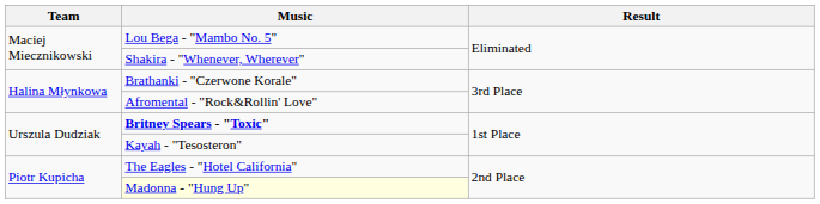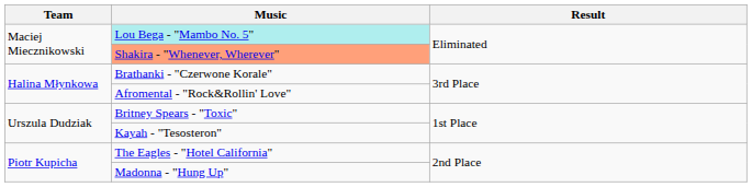 <table class="wikitable">
 <tr>
 <th style="width:130px;">Team</th>
 <th style="width:400px;">Music</th>
 <th style="width:400px;">Result</th>
 </tr>
 <tr>
 <td rowspan="2">Maciej Miecznikowski</td>
-<td><a href='#'>Lou Bega</a> - "<a href='#'>Mambo No. 5</a>"</td>
+<td style="background: paleturquoise;"><a href='#'>Lou Bega</a> - "<a href='#'>Mambo No. 5</a>"</td>
 <td rowspan="2">Eliminated</td>
 </tr>
 <tr>
-<td><a href='#'>Shakira</a> - "<a href='#'>Whenever, Wherever</a>"</td>
+<td style="background: lightsalmon;"><a href='#'>Shakira</a> - "<a href='#'>Whenever, Wherever</a>"</td>
 </tr>
 <tr>
 <td rowspan="2"><a href='#'>Halina Młynkowa</a></td>
 <td><a href='#'>Brathanki</a> - "Czerwone Korale"</td>
 <td rowspan="2">3rd Place</td>
 </tr>
 <tr>
 <td><a href='#'>Afromental</a> - "Rock&Rollin' Love"</td>
 </tr>
 <tr>
 <td rowspan="2">Urszula Dudziak</td>
-<td><strong><a href='#'>Britney Spears</a> - "<a href='#'>Toxic</a>"</strong></td>
+<td><a href='#'>Britney Spears</a> - "<a href='#'>Toxic</a>"</td>
 <td rowspan="2">1st Place</td>
 </tr>
 <tr>
 <td><a href='#'>Kayah</a> - "Tesosteron"</td>
 </tr>
 <tr>
 <td rowspan="2"><a href='#'>Piotr Kupicha</a></td>
 <td><a href='#'>The Eagles</a> - "<a href='#'>Hotel California</a>"</td>
 <td rowspan="2">2nd Place</td>
 </tr>
 <tr>
-<td style="background: lightyellow;"><a href='#'>Madonna</a> - "<a href='#'>Hung Up</a>"</td>
+<td><a href='#'>Madonna</a> - "<a href='#'>Hung Up</a>"</td>
 </tr>
 </table>
